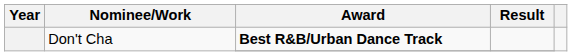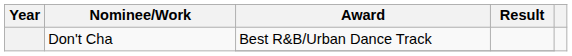 <table class="wikitable plainrowheaders" style="width:70%;">
 <tr>
 <th scope="col" style="width:4%;">Year</th>
 <th style="width:30%;">Nominee/Work</th>
 <th style="width:40%;">Award</th>
 <th style="width:10%;">Result</th>
 <th scope="col" style="width:2%;"></th>
 </tr>
 <tr>
 <th scope="row" rowspan="4"></th>
 <td rowspan="3">Don't Cha </td>
-<td><strong>Best R&B/Urban Dance Track</strong></td>
+<td>Best R&B/Urban Dance Track</td>
 <td></td>
 <td style="text-align:center;" rowspan="4"></td>
 </tr>
 <tr>
 </tr>
 </table>
